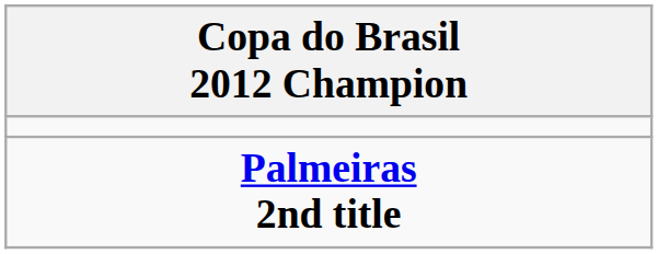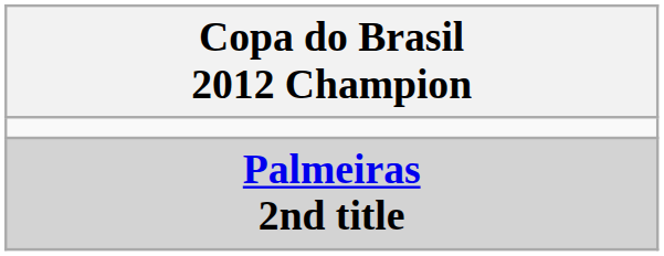 <table class="wikitable" style="text-align: center; margin: 0 auto; width: 20%">
 <tr>
 <th>Copa do Brasil<br>2012 Champion</th>
 </tr>
 <tr>
 <td></td>
 </tr>
 <tr>
-<td><strong><a href='#'>Palmeiras</a></strong><br><strong>2nd title</strong></td>
+<td style="background: lightgrey;"><strong><a href='#'>Palmeiras</a></strong><br><strong>2nd title</strong></td>
 </tr>
 </table>
